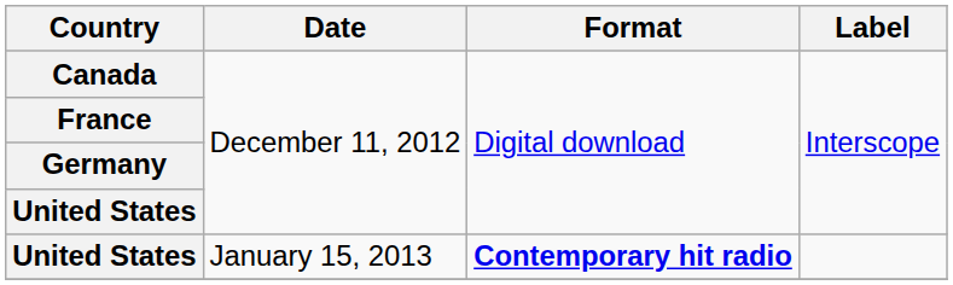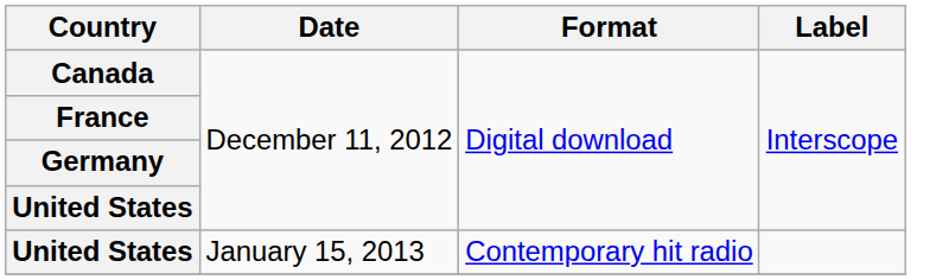 <table class="wikitable plainrowheaders">
 <tr>
 <th scope="col">Country</th>
 <th scope="col">Date</th>
 <th scope="col">Format</th>
 <th scope="col">Label</th>
 </tr>
 <tr>
 <th scope="row">Canada</th>
 <td rowspan="4">December 11, 2012</td>
 <td rowspan="4"><a href='#'>Digital download</a></td>
 <td rowspan="4"><a href='#'>Interscope</a></td>
 </tr>
 <tr>
 <th scope="row">France</th>
 </tr>
 <tr>
 <th scope="row">Germany</th>
 </tr>
 <tr>
 <th scope="row">United States</th>
 </tr>
 <tr>
 <th scope="row">United States</th>
 <td>January 15, 2013</td>
-<td><strong><a href='#'>Contemporary hit radio</a></strong></td>
+<td><a href='#'>Contemporary hit radio</a></td>
 <td></td>
 </tr>
 <tr>
 </tr>
 </table>
